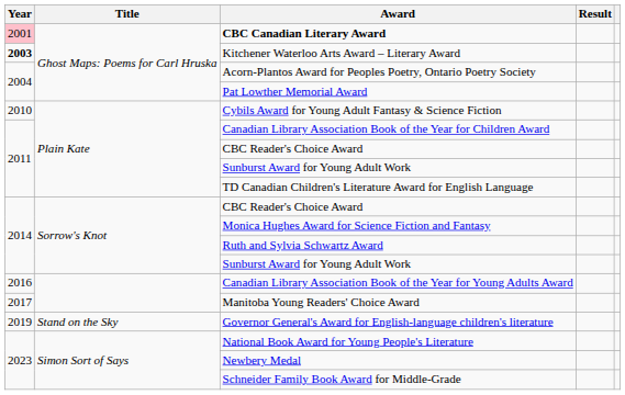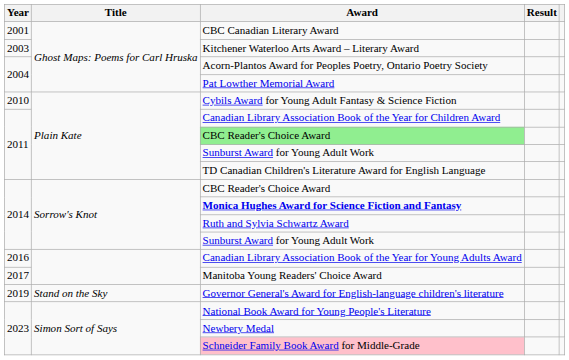 <table class="wikitable sortable mw-collapsible">
 <tr>
 <th>Year</th>
 <th>Title</th>
 <th>Award</th>
 <th>Result</th>
 <th></th>
 </tr>
 <tr>
-<td style="background: pink;">2001</td>
+<td>2001</td>
 <td rowspan="4"><em>Ghost Maps: Poems for Carl Hruska</em></td>
-<td><strong>CBC Canadian Literary Award</strong></td>
+<td>CBC Canadian Literary Award</td>
 <td></td>
 <td></td>
 </tr>
 <tr>
-<td><strong>2003</strong></td>
+<td>2003</td>
 <td>Kitchener Waterloo Arts Award – Literary Award</td>
 <td></td>
 <td></td>
 </tr>
 <tr>
 <td rowspan="2">2004</td>
 <td>Acorn-Plantos Award for Peoples Poetry, Ontario Poetry Society</td>
 <td></td>
 <td></td>
 </tr>
 <tr>
 <td><a href='#'>Pat Lowther Memorial Award</a></td>
 <td></td>
 <td></td>
 </tr>
 <tr>
 <td>2010</td>
 <td rowspan="5"><em>Plain Kate</em></td>
 <td><a href='#'>Cybils Award</a> for Young Adult Fantasy & Science Fiction</td>
 <td></td>
 <td></td>
 </tr>
 <tr>
 <td rowspan="4">2011</td>
 <td><a href='#'>Canadian Library Association Book of the Year for Children Award</a></td>
 <td></td>
 <td></td>
 </tr>
 <tr>
-<td>CBC Reader's Choice Award</td>
+<td style="background: lightgreen;">CBC Reader's Choice Award</td>
 <td></td>
 <td></td>
 </tr>
 <tr>
 <td><a href='#'>Sunburst Award</a> for Young Adult Work</td>
 <td></td>
 <td></td>
 </tr>
 <tr>
 <td>TD Canadian Children's Literature Award for English Language</td>
 <td></td>
 <td></td>
 </tr>
 <tr>
 <td rowspan="4">2014</td>
 <td rowspan="4"><em>Sorrow's Knot</em></td>
 <td>CBC Reader's Choice Award</td>
 <td></td>
 <td></td>
 </tr>
 <tr>
-<td><a href='#'>Monica Hughes Award for Science Fiction and Fantasy</a></td>
+<td><strong><a href='#'>Monica Hughes Award for Science Fiction and Fantasy</a></strong></td>
 <td></td>
 <td></td>
 </tr>
 <tr>
 <td><a href='#'>Ruth and Sylvia Schwartz Award</a></td>
 <td></td>
 <td></td>
 </tr>
 <tr>
 <td><a href='#'>Sunburst Award</a> for Young Adult Work</td>
 <td></td>
 <td></td>
 </tr>
 <tr>
 <td>2016</td>
 <td rowspan="2"></td>
 <td><a href='#'>Canadian Library Association Book of the Year for Young Adults Award</a></td>
 <td></td>
 <td></td>
 </tr>
 <tr>
 <td>2017</td>
 <td>Manitoba Young Readers' Choice Award</td>
 <td></td>
 <td></td>
 </tr>
 <tr>
 <td>2019</td>
 <td><em>Stand on the Sky</em></td>
 <td><a href='#'>Governor General's Award for English-language children's literature</a></td>
 <td></td>
 <td></td>
 </tr>
 <tr>
 <td rowspan="3">2023</td>
 <td rowspan="3"><em>Simon Sort of Says</em></td>
 <td><a href='#'>National Book Award for Young People's Literature</a></td>
 <td></td>
 <td></td>
 </tr>
 <tr>
 <td><a href='#'>Newbery Medal</a></td>
 <td></td>
 <td></td>
 </tr>
 <tr>
-<td><a href='#'>Schneider Family Book Award</a> for Middle-Grade</td>
+<td style="background: pink;"><a href='#'>Schneider Family Book Award</a> for Middle-Grade</td>
 <td></td>
 <td></td>
 </tr>
 </table>
